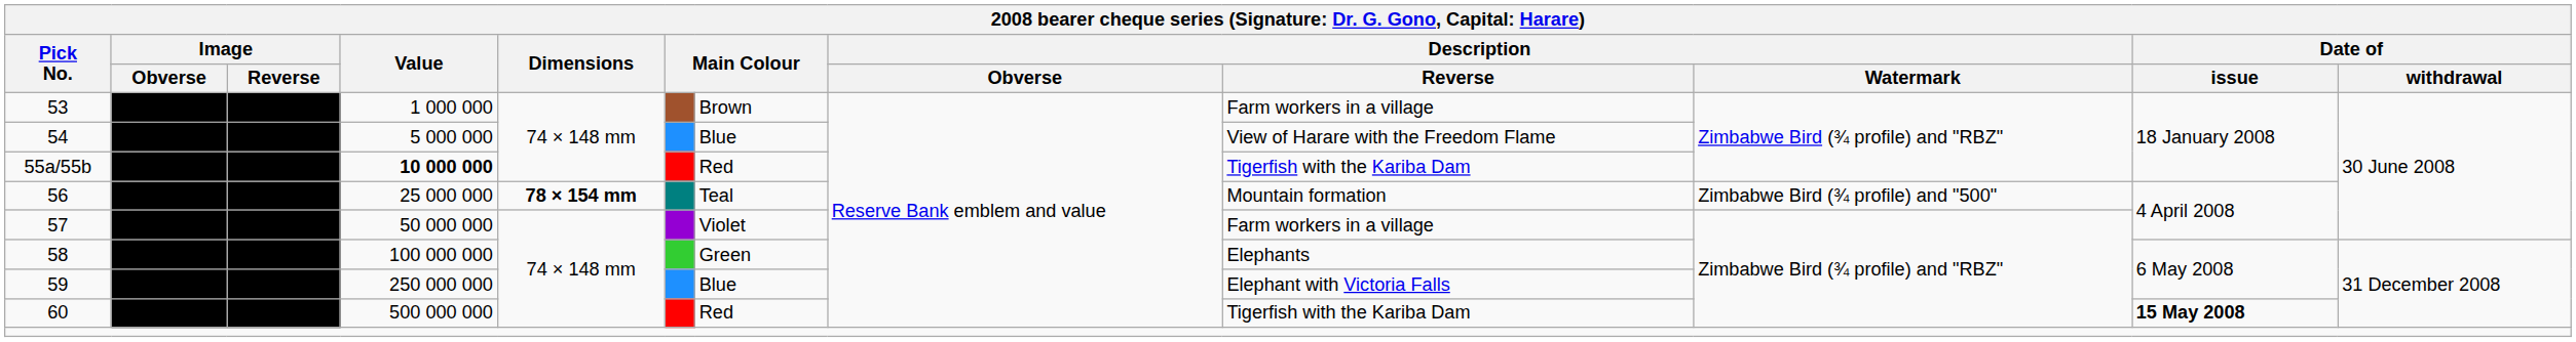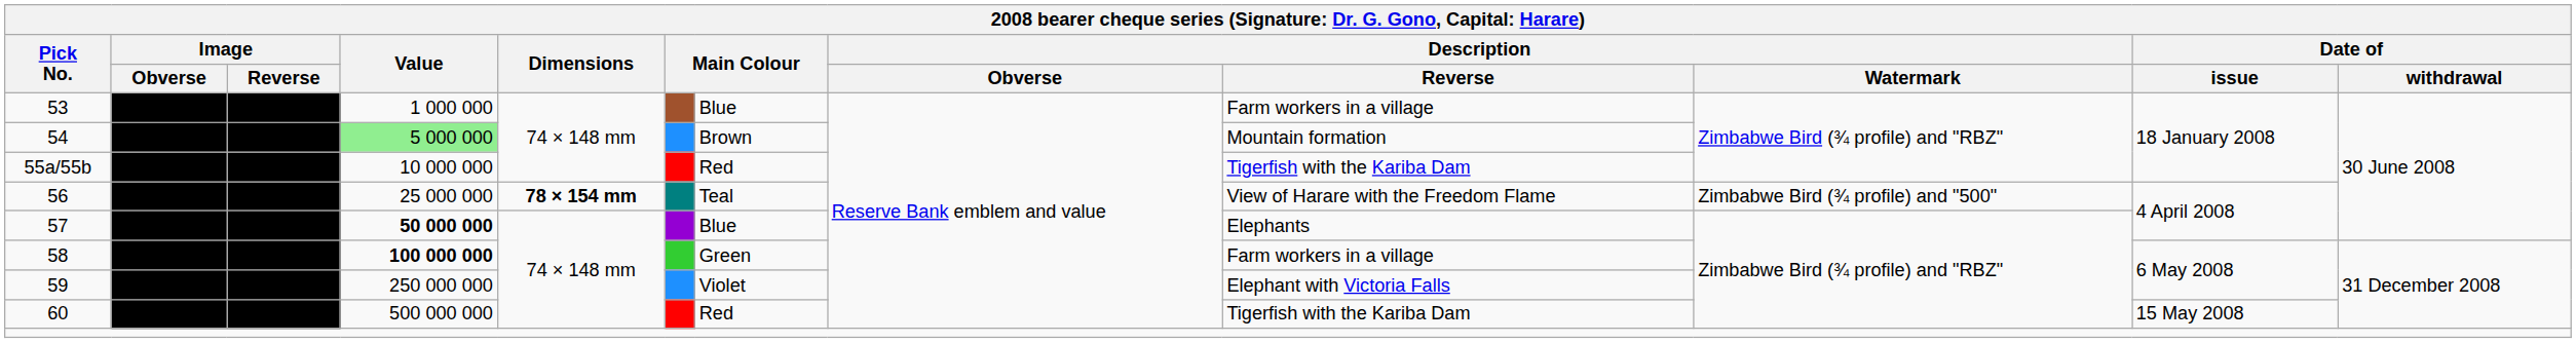 <table class="wikitable" style="font-size:90%;width:100%">
 <tr>
 <th colspan="12">2008 bearer cheque series (Signature: <a href='#'>Dr. G. Gono</a>, Capital: <a href='#'>Harare</a>)</th>
 </tr>
 <tr>
 <th rowspan="2"><a href='#'>Pick</a><br>No.</th>
 <th colspan="2">Image</th>
 <th rowspan="2">Value</th>
 <th rowspan="2">Dimensions</th>
 <th rowspan=2 colspan=2>Main Colour</th>
 <th colspan="3">Description</th>
 <th colspan="3">Date of</th>
 </tr>
 <tr>
 <th>Obverse</th>
 <th>Reverse</th>
 <th>Obverse</th>
 <th>Reverse</th>
 <th>Watermark</th>
 <th>issue</th>
 <th>withdrawal</th>
 </tr>
 <tr>
 <td align="center">53</td>
 <td align="right" bgcolor=#000></td>
 <td bgcolor=#000></td>
 <td align="right">1 000 000</td>
 <td align="center" rowspan="3">74 × 148 mm</td>
 <td Bgcolor=#A0522D> </td>
-<td>Brown</td>
+<td>Blue</td>
 <td rowspan="8"><a href='#'>Reserve Bank</a> emblem and value</td>
 <td>Farm workers in a village</td>
 <td rowspan=3><a href='#'>Zimbabwe Bird</a> (¾ profile) and "RBZ"</td>
 <td rowspan=3>18 January 2008</td>
 <td rowspan=5>30 June 2008</td>
 </tr>
 <tr>
 <td align="center">54</td>
 <td align="right" bgcolor=#000></td>
 <td bgcolor=#000></td>
-<td align="right">5 000 000</td>
+<td align="right" style="background: lightgreen;">5 000 000</td>
 <td Bgcolor=#1E90FF> </td>
-<td>Blue</td>
-<td>View of Harare with the Freedom Flame</td>
+<td>Brown</td>
+<td>Mountain formation</td>
 </tr>
 <tr>
 <td align="center">55a/55b</td>
 <td align="right" bgcolor=#000></td>
 <td bgcolor=#000></td>
-<td align="right"><strong>10 000 000</strong></td>
+<td align="right">10 000 000</td>
 <td Bgcolor=#FF0000> </td>
 <td>Red</td>
 <td><a href='#'>Tigerfish</a> with the <a href='#'>Kariba Dam</a></td>
 </tr>
 <tr>
 <td align="center">56</td>
 <td bgcolor=#000></td>
 <td bgcolor=#000></td>
 <td align="right">25 000 000</td>
 <td align="center"><strong>78 × 154 mm</strong></td>
 <td Bgcolor=#008080> </td>
 <td>Teal</td>
-<td>Mountain formation</td>
+<td>View of Harare with the Freedom Flame</td>
 <td>Zimbabwe Bird (¾ profile) and "500"</td>
 <td rowspan="2">4 April 2008</td>
 </tr>
 <tr>
 <td align="center">57</td>
 <td align="right" bgcolor=#000></td>
 <td bgcolor=#000></td>
-<td align="right">50 000 000</td>
+<td align="right"><strong>50 000 000</strong></td>
 <td align="center" rowspan="4">74 × 148 mm</td>
 <td Bgcolor=#9400D3> </td>
-<td>Violet</td>
-<td>Farm workers in a village</td>
+<td>Blue</td>
+<td>Elephants</td>
 <td rowspan="4">Zimbabwe Bird (¾ profile) and "RBZ"</td>
 </tr>
 <tr>
 <td align="center">58</td>
 <td align="right" bgcolor=#000></td>
 <td bgcolor=#000></td>
-<td align="right">100 000 000</td>
+<td align="right"><strong>100 000 000</strong></td>
 <td Bgcolor=#32CD32> </td>
 <td>Green</td>
-<td>Elephants</td>
+<td>Farm workers in a village</td>
 <td rowspan="2">6 May 2008</td>
 <td rowspan="3">31 December 2008</td>
 </tr>
 <tr>
 <td align="center">59</td>
 <td align="right" bgcolor=#000></td>
 <td bgcolor=#000></td>
 <td align="right">250 000 000</td>
 <td Bgcolor=#1E90FF> </td>
-<td>Blue</td>
+<td>Violet</td>
 <td>Elephant with <a href='#'>Victoria Falls</a></td>
 </tr>
 <tr>
 <td align="center">60</td>
 <td align="right" bgcolor=#000></td>
 <td bgcolor=#000></td>
 <td align="right">500 000 000</td>
 <td Bgcolor=#FF0000> </td>
 <td>Red</td>
 <td>Tigerfish with the Kariba Dam</td>
-<td><strong>15 May 2008</strong></td>
+<td>15 May 2008</td>
 </tr>
 <tr>
 <td colspan="12"></td>
 </tr>
 </table>
